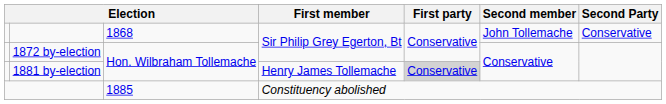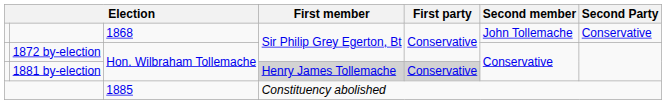 <table class="wikitable">
 <tr>
 <th colspan="3">Election</th>
 <th>First member</th>
 <th>First party</th>
 <th>Second member</th>
 <th>Second Party</th>
 </tr>
 <tr>
 <td style="color:inherit;background-color: "></td>
 <td style="color:inherit;background-color: "></td>
 <td><a href='#'>1868</a></td>
 <td rowspan="2"><a href='#'>Sir Philip Grey Egerton, Bt</a></td>
 <td rowspan="2"><a href='#'>Conservative</a></td>
 <td><a href='#'>John Tollemache</a></td>
 <td><a href='#'>Conservative</a></td>
 </tr>
 <tr>
 <td style="color:inherit;background-color: "></td>
 <td><a href='#'>1872 by-election</a></td>
 <td rowspan="2"><a href='#'>Hon. Wilbraham Tollemache</a></td>
 <td rowspan="2"><a href='#'>Conservative</a></td>
 </tr>
 <tr>
 <td style="color:inherit;background-color: "></td>
 <td><a href='#'>1881 by-election</a></td>
-<td><a href='#'>Henry James Tollemache</a></td>
+<td style="background: lightgrey;"><a href='#'>Henry James Tollemache</a></td>
 <td style="background: lightgrey;"><a href='#'>Conservative</a></td>
 </tr>
 <tr>
 <td colspan="2"></td>
 <td><a href='#'>1885</a></td>
 <td colspan="4"><em>Constituency abolished</em></td>
 </tr>
 </table>
